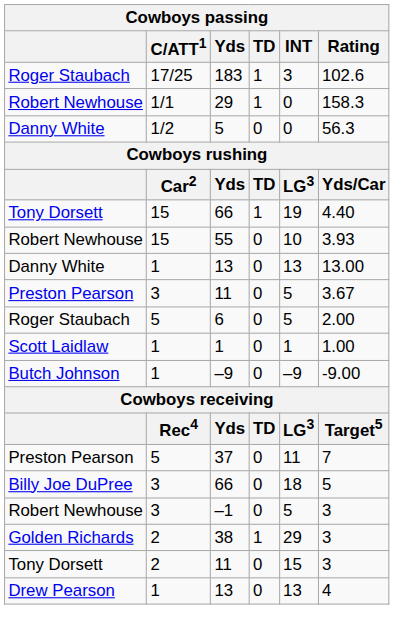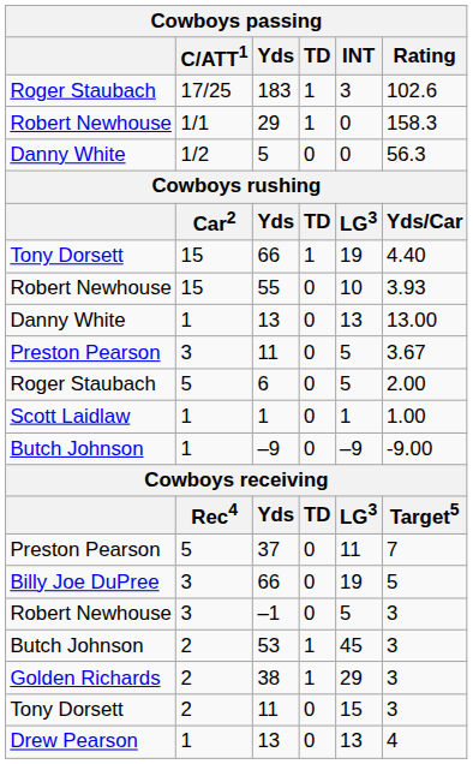 <table class="wikitable">
 <tr>
 <th colspan="6">Cowboys passing</th>
 </tr>
 <tr>
 <th></th>
 <th>C/ATT<sup>1</sup></th>
 <th>Yds</th>
 <th>TD</th>
 <th>INT</th>
 <th>Rating</th>
 </tr>
 <tr>
 <td><a href='#'>Roger Staubach</a></td>
 <td>17/25</td>
 <td>183</td>
 <td>1</td>
 <td>3</td>
 <td>102.6</td>
 </tr>
 <tr>
 <td><a href='#'>Robert Newhouse</a></td>
 <td>1/1</td>
 <td>29</td>
 <td>1</td>
 <td>0</td>
 <td>158.3</td>
 </tr>
 <tr>
 <td><a href='#'>Danny White</a></td>
 <td>1/2</td>
 <td>5</td>
 <td>0</td>
 <td>0</td>
 <td>56.3</td>
 </tr>
 <tr>
 <th colspan="6">Cowboys rushing</th>
 </tr>
 <tr>
 <th></th>
 <th>Car<sup>2</sup></th>
 <th>Yds</th>
 <th>TD</th>
 <th>LG<sup>3</sup></th>
 <th>Yds/Car</th>
 </tr>
 <tr>
 <td><a href='#'>Tony Dorsett</a></td>
 <td>15</td>
 <td>66</td>
 <td>1</td>
 <td>19</td>
 <td>4.40</td>
 </tr>
 <tr>
 <td>Robert Newhouse</td>
 <td>15</td>
 <td>55</td>
 <td>0</td>
 <td>10</td>
 <td>3.93</td>
 </tr>
 <tr>
 <td>Danny White</td>
 <td>1</td>
 <td>13</td>
 <td>0</td>
 <td>13</td>
 <td>13.00</td>
 </tr>
 <tr>
 <td><a href='#'>Preston Pearson</a></td>
 <td>3</td>
 <td>11</td>
 <td>0</td>
 <td>5</td>
 <td>3.67</td>
 </tr>
 <tr>
 <td>Roger Staubach</td>
 <td>5</td>
 <td>6</td>
 <td>0</td>
 <td>5</td>
 <td>2.00</td>
 </tr>
 <tr>
 <td><a href='#'>Scott Laidlaw</a></td>
 <td>1</td>
 <td>1</td>
 <td>0</td>
 <td>1</td>
 <td>1.00</td>
 </tr>
 <tr>
 <td><a href='#'>Butch Johnson</a></td>
 <td>1</td>
 <td>–9</td>
 <td>0</td>
 <td>–9</td>
 <td>-9.00</td>
 </tr>
 <tr>
 <th colspan="6">Cowboys receiving</th>
 </tr>
 <tr>
 <th></th>
 <th>Rec<sup>4</sup></th>
 <th>Yds</th>
 <th>TD</th>
 <th>LG<sup>3</sup></th>
 <th>Target<sup>5</sup></th>
 </tr>
 <tr>
 <td>Preston Pearson</td>
 <td>5</td>
 <td>37</td>
 <td>0</td>
 <td>11</td>
 <td>7</td>
 </tr>
 <tr>
 <td><a href='#'>Billy Joe DuPree</a></td>
 <td>3</td>
 <td>66</td>
 <td>0</td>
-<td>18</td>
+<td>19</td>
 <td>5</td>
 </tr>
 <tr>
 <td>Robert Newhouse</td>
 <td>3</td>
 <td>–1</td>
 <td>0</td>
 <td>5</td>
+<td>3</td>
+</tr>
+<tr>
+<td>Butch Johnson</td>
+<td>2</td>
+<td>53</td>
+<td>1</td>
+<td>45</td>
 <td>3</td>
 </tr>
 <tr>
 <td><a href='#'>Golden Richards</a></td>
 <td>2</td>
 <td>38</td>
 <td>1</td>
 <td>29</td>
 <td>3</td>
 </tr>
 <tr>
 <td>Tony Dorsett</td>
 <td>2</td>
 <td>11</td>
 <td>0</td>
 <td>15</td>
 <td>3</td>
 </tr>
 <tr>
 <td><a href='#'>Drew Pearson</a></td>
 <td>1</td>
 <td>13</td>
 <td>0</td>
 <td>13</td>
 <td>4</td>
 </tr>
 </table>
